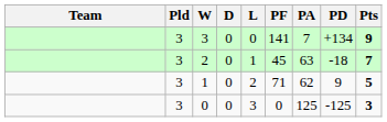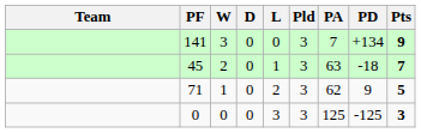 <table class="wikitable" style="text-align:center;">
 <tr>
 <th width=175>Team</th>
-<th style="width:20px;" abbr="Played">Pld</th>
+<th style="width:20px;" abbr="Points for">PF</th>
 <th style="width:20px;" abbr="Won">W</th>
 <th style="width:20px;" abbr="Drawn">D</th>
 <th style="width:20px;" abbr="Lost">L</th>
-<th style="width:20px;" abbr="Points for">PF</th>
+<th style="width:20px;" abbr="Played">Pld</th>
 <th style="width:20px;" abbr="Points against">PA</th>
 <th style="width:25px;" abbr="Points difference">PD</th>
 <th style="width:20px;" abbr="Points">Pts</th>
 </tr>
 <tr style="background:#cfc;">
 <td align=left></td>
-<td>3</td>
+<td>141</td>
 <td>3</td>
 <td>0</td>
 <td>0</td>
-<td>141</td>
+<td>3</td>
 <td>7</td>
 <td>+134</td>
 <td><strong>9</strong></td>
 </tr>
 <tr style="background:#cfc;">
 <td align=left></td>
-<td>3</td>
+<td>45</td>
 <td>2</td>
 <td>0</td>
 <td>1</td>
-<td>45</td>
+<td>3</td>
 <td>63</td>
 <td>-18</td>
 <td><strong>7</strong></td>
 </tr>
 <tr>
 <td align=left></td>
-<td>3</td>
+<td>71</td>
 <td>1</td>
 <td>0</td>
 <td>2</td>
-<td>71</td>
+<td>3</td>
 <td>62</td>
 <td>9</td>
 <td><strong>5</strong></td>
 </tr>
 <tr>
 <td align=left></td>
-<td>3</td>
+<td>0</td>
 <td>0</td>
 <td>0</td>
 <td>3</td>
-<td>0</td>
+<td>3</td>
 <td>125</td>
 <td>-125</td>
 <td><strong>3</strong></td>
 </tr>
 </table>
